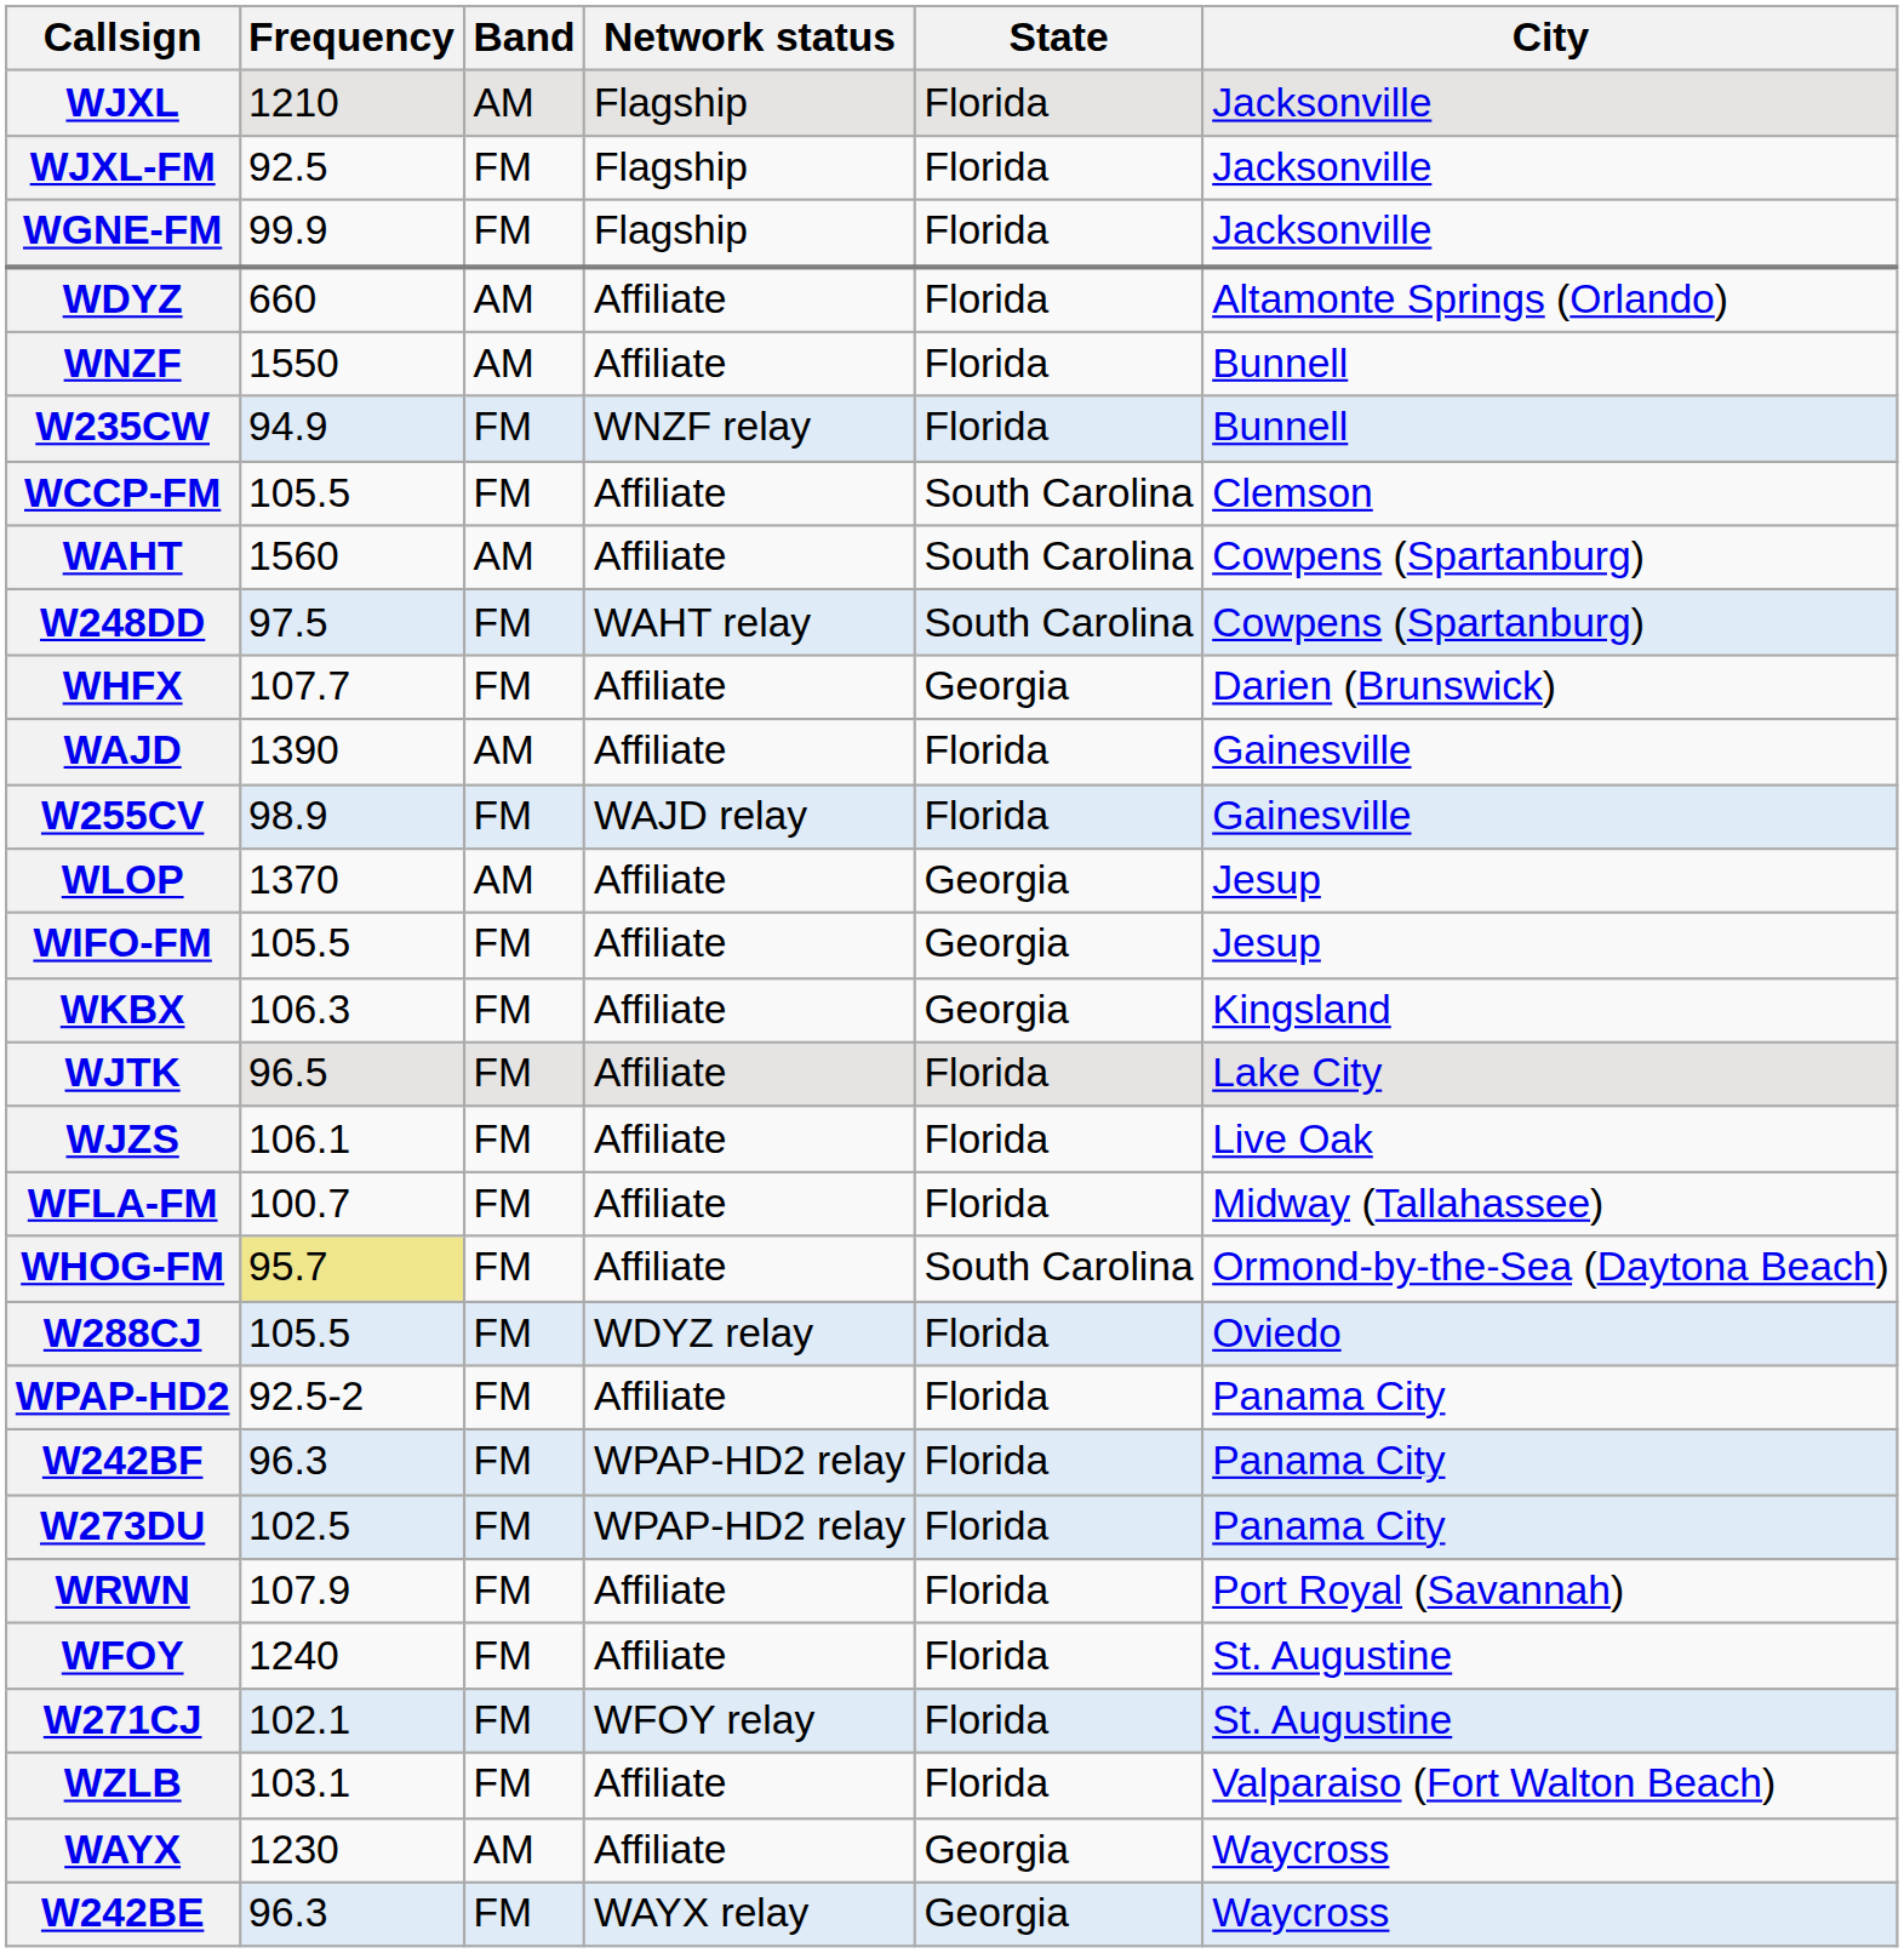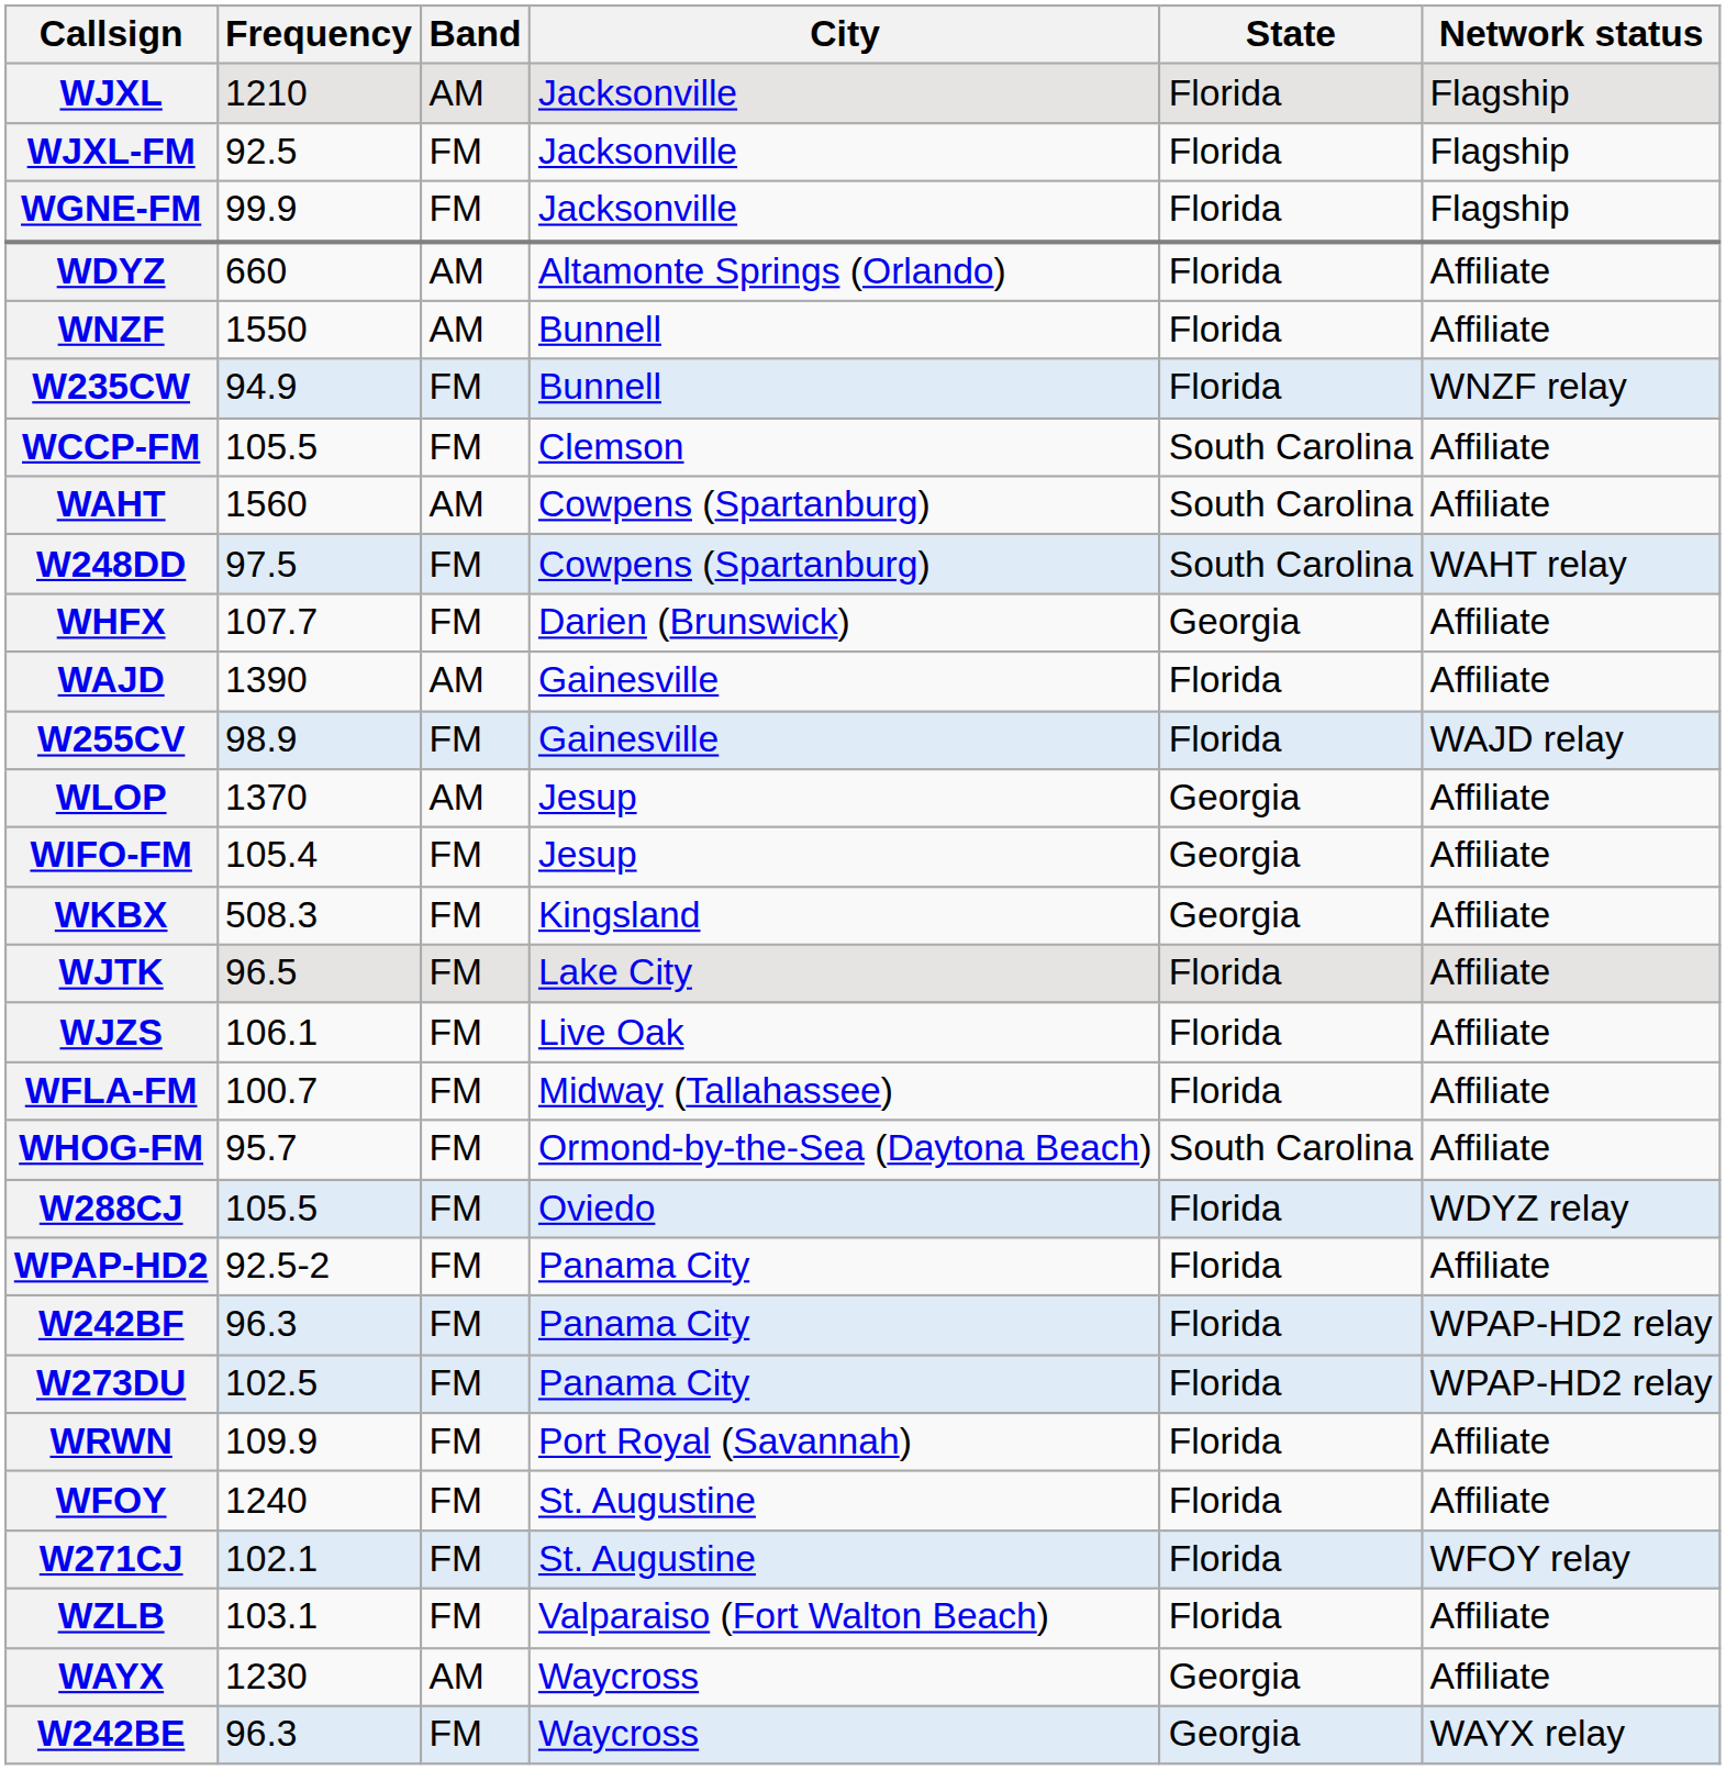 <table class="wikitable sortable">
 <tr>
 <th scope="col">Callsign</th>
 <th scope="col">Frequency</th>
 <th scope="col">Band</th>
+<th scope="col">City</th>
+<th scope="col">State</th>
 <th scope="col">Network status</th>
-<th scope="col">State</th>
-<th scope="col">City</th>
 </tr>
 <tr style="background-color:#E5E4E2;">
 <th scope = "row"><a href='#'>WJXL</a></th>
 <td data-sort-value=001010>1210</td>
 <td>AM</td>
+<td><a href='#'>Jacksonville</a></td>
+<td>Florida</td>
 <td>Flagship</td>
-<td>Florida</td>
-<td><a href='#'>Jacksonville</a></td>
 </tr>
 <tr>
 <th scope = "row"><a href='#'>WJXL-FM</a></th>
 <td data-sort-value=092500>92.5</td>
 <td>FM</td>
+<td><a href='#'>Jacksonville</a></td>
+<td>Florida</td>
 <td>Flagship</td>
-<td>Florida</td>
-<td><a href='#'>Jacksonville</a></td>
 </tr>
 <tr style="border-bottom: 2px solid grey">
 <th scope = "row"><a href='#'>WGNE-FM</a></th>
 <td data-sort-value=099900>99.9</td>
 <td>FM</td>
+<td><a href='#'>Jacksonville</a></td>
+<td>Florida</td>
 <td>Flagship</td>
-<td>Florida</td>
-<td><a href='#'>Jacksonville</a></td>
 </tr>
 <tr>
 <th scope = "row"><a href='#'>WDYZ</a></th>
 <td data-sort-value=000660>660</td>
 <td>AM</td>
+<td><a href='#'>Altamonte Springs</a> (<a href='#'>Orlando</a>)</td>
+<td>Florida</td>
 <td>Affiliate</td>
-<td>Florida</td>
-<td><a href='#'>Altamonte Springs</a> (<a href='#'>Orlando</a>)</td>
 </tr>
 <tr>
 <th scope = "row"><a href='#'>WNZF</a></th>
 <td data-sort-value=001550>1550</td>
 <td>AM</td>
+<td><a href='#'>Bunnell</a></td>
+<td>Florida</td>
 <td>Affiliate</td>
-<td>Florida</td>
-<td><a href='#'>Bunnell</a></td>
 </tr>
 <tr style="background-color:#DFEBF6;">
 <th scope = "row"><a href='#'>W235CW</a></th>
 <td data-sort-value=094990>94.9</td>
 <td>FM</td>
+<td><a href='#'>Bunnell</a></td>
+<td>Florida</td>
 <td>WNZF relay</td>
-<td>Florida</td>
-<td><a href='#'>Bunnell</a></td>
 </tr>
 <tr>
 <th scope = "row"><a href='#'>WCCP-FM</a></th>
 <td data-sort-value=105500>105.5</td>
 <td>FM</td>
+<td><a href='#'>Clemson</a></td>
+<td>South Carolina</td>
 <td>Affiliate</td>
-<td>South Carolina</td>
-<td><a href='#'>Clemson</a></td>
 </tr>
 <tr>
 <th scope = "row"><a href='#'>WAHT</a></th>
 <td data-sort-value=001560>1560</td>
 <td>AM</td>
+<td><a href='#'>Cowpens</a> (<a href='#'>Spartanburg</a>)</td>
+<td>South Carolina</td>
 <td>Affiliate</td>
-<td>South Carolina</td>
-<td><a href='#'>Cowpens</a> (<a href='#'>Spartanburg</a>)</td>
 </tr>
 <tr style="background-color:#DFEBF6;">
 <th scope = "row"><a href='#'>W248DD</a></th>
 <td data-sort-value=097590>97.5</td>
 <td>FM</td>
+<td><a href='#'>Cowpens</a> (<a href='#'>Spartanburg</a>)</td>
+<td>South Carolina</td>
 <td>WAHT relay</td>
-<td>South Carolina</td>
-<td><a href='#'>Cowpens</a> (<a href='#'>Spartanburg</a>)</td>
 </tr>
 <tr>
 <th scope = "row"><a href='#'>WHFX</a></th>
 <td data-sort-value=107700>107.7</td>
 <td>FM</td>
+<td><a href='#'>Darien</a> (<a href='#'>Brunswick</a>)</td>
+<td>Georgia</td>
 <td>Affiliate</td>
-<td>Georgia</td>
-<td><a href='#'>Darien</a> (<a href='#'>Brunswick</a>)</td>
 </tr>
 <tr>
 <th scope = "row"><a href='#'>WAJD</a></th>
 <td data-sort-value=001390>1390</td>
 <td>AM</td>
+<td><a href='#'>Gainesville</a></td>
+<td>Florida</td>
 <td>Affiliate</td>
-<td>Florida</td>
-<td><a href='#'>Gainesville</a></td>
 </tr>
 <tr style="background-color:#DFEBF6;">
 <th scope = "row"><a href='#'>W255CV</a></th>
 <td data-sort-value=098990>98.9</td>
 <td>FM</td>
+<td><a href='#'>Gainesville</a></td>
+<td>Florida</td>
 <td>WAJD relay</td>
-<td>Florida</td>
-<td><a href='#'>Gainesville</a></td>
 </tr>
 <tr>
 <th scope = "row"><a href='#'>WLOP</a></th>
 <td data-sort-value=001370>1370</td>
 <td>AM</td>
+<td><a href='#'>Jesup</a></td>
+<td>Georgia</td>
 <td>Affiliate</td>
-<td>Georgia</td>
-<td><a href='#'>Jesup</a></td>
 </tr>
 <tr>
 <th scope = "row"><a href='#'>WIFO-FM</a></th>
-<td data-sort-value=105500>105.5</td>
+<td data-sort-value=105500>105.4</td>
 <td>FM</td>
+<td><a href='#'>Jesup</a></td>
+<td>Georgia</td>
 <td>Affiliate</td>
-<td>Georgia</td>
-<td><a href='#'>Jesup</a></td>
 </tr>
 <tr>
 <th scope = "row"><a href='#'>WKBX</a></th>
-<td data-sort-value=106300>106.3</td>
+<td data-sort-value=106300>508.3</td>
 <td>FM</td>
+<td><a href='#'>Kingsland</a></td>
+<td>Georgia</td>
 <td>Affiliate</td>
-<td>Georgia</td>
-<td><a href='#'>Kingsland</a></td>
 </tr>
 <tr style="background-color:#E5E4E2;">
 <th scope = "row"><a href='#'>WJTK</a></th>
 <td data-sort-value=096500>96.5</td>
 <td>FM</td>
+<td><a href='#'>Lake City</a></td>
+<td>Florida</td>
 <td>Affiliate</td>
-<td>Florida</td>
-<td><a href='#'>Lake City</a></td>
 </tr>
 <tr>
 <th scope = "row"><a href='#'>WJZS</a></th>
 <td data-sort-value=106100>106.1</td>
 <td>FM</td>
+<td><a href='#'>Live Oak</a></td>
+<td>Florida</td>
 <td>Affiliate</td>
-<td>Florida</td>
-<td><a href='#'>Live Oak</a></td>
 </tr>
 <tr>
 <th scope = "row"><a href='#'>WFLA-FM</a></th>
 <td data-sort-value=100700>100.7</td>
 <td>FM</td>
+<td><a href='#'>Midway</a> (<a href='#'>Tallahassee</a>)</td>
+<td>Florida</td>
 <td>Affiliate</td>
-<td>Florida</td>
-<td><a href='#'>Midway</a> (<a href='#'>Tallahassee</a>)</td>
 </tr>
 <tr>
 <th scope = "row"><a href='#'>WHOG-FM</a></th>
-<td data-sort-value=095700 style="background: khaki;">95.7</td>
+<td data-sort-value=095700>95.7</td>
 <td>FM</td>
+<td><a href='#'>Ormond-by-the-Sea</a> (<a href='#'>Daytona Beach</a>)</td>
+<td>South Carolina</td>
 <td>Affiliate</td>
-<td>South Carolina</td>
-<td><a href='#'>Ormond-by-the-Sea</a> (<a href='#'>Daytona Beach</a>)</td>
 </tr>
 <tr style="background-color:#DFEBF6;">
 <th scope = "row"><a href='#'>W288CJ</a></th>
 <td data-sort-value=105590>105.5</td>
 <td>FM</td>
+<td><a href='#'>Oviedo</a></td>
+<td>Florida</td>
 <td>WDYZ relay</td>
-<td>Florida</td>
-<td><a href='#'>Oviedo</a></td>
 </tr>
 <tr>
 <th scope = "row"><a href='#'>WPAP-HD2</a></th>
 <td data-sort-value=092520>92.5-2</td>
 <td>FM</td>
+<td><a href='#'>Panama City</a></td>
+<td>Florida</td>
 <td>Affiliate</td>
-<td>Florida</td>
-<td><a href='#'>Panama City</a></td>
 </tr>
 <tr style="background-color:#DFEBF6;">
 <th scope = "row"><a href='#'>W242BF</a></th>
 <td data-sort-value=096391>96.3</td>
 <td>FM</td>
+<td><a href='#'>Panama City</a></td>
+<td>Florida</td>
 <td>WPAP-HD2 relay</td>
-<td>Florida</td>
-<td><a href='#'>Panama City</a></td>
 </tr>
 <tr style="background-color:#DFEBF6;">
 <th scope = "row"><a href='#'>W273DU</a></th>
 <td data-sort-value=102590>102.5</td>
 <td>FM</td>
+<td><a href='#'>Panama City</a></td>
+<td>Florida</td>
 <td>WPAP-HD2 relay</td>
-<td>Florida</td>
-<td><a href='#'>Panama City</a></td>
 </tr>
 <tr>
 <th scope = "row"><a href='#'>WRWN</a></th>
-<td data-sort-value=107900>107.9</td>
+<td data-sort-value=107900>109.9</td>
 <td>FM</td>
+<td><a href='#'>Port Royal</a> (<a href='#'>Savannah</a>)</td>
+<td>Florida</td>
 <td>Affiliate</td>
-<td>Florida</td>
-<td><a href='#'>Port Royal</a> (<a href='#'>Savannah</a>)</td>
 </tr>
 <tr>
 <th scope = "row"><a href='#'>WFOY</a></th>
 <td data-sort-value=001240>1240</td>
 <td>FM</td>
+<td><a href='#'>St. Augustine</a></td>
+<td>Florida</td>
 <td>Affiliate</td>
-<td>Florida</td>
-<td><a href='#'>St. Augustine</a></td>
 </tr>
 <tr style="background-color:#DFEBF6;">
 <th scope = "row"><a href='#'>W271CJ</a></th>
 <td data-sort-value=102190>102.1</td>
 <td>FM</td>
+<td><a href='#'>St. Augustine</a></td>
+<td>Florida</td>
 <td>WFOY relay</td>
-<td>Florida</td>
-<td><a href='#'>St. Augustine</a></td>
 </tr>
 <tr>
 <th scope = "row"><a href='#'>WZLB</a></th>
 <td data-sort-value=103100>103.1</td>
 <td>FM</td>
+<td><a href='#'>Valparaiso</a> (<a href='#'>Fort Walton Beach</a>)</td>
+<td>Florida</td>
 <td>Affiliate</td>
-<td>Florida</td>
-<td><a href='#'>Valparaiso</a> (<a href='#'>Fort Walton Beach</a>)</td>
 </tr>
 <tr>
 <th scope = "row"><a href='#'>WAYX</a></th>
 <td data-sort-value=001230>1230</td>
 <td>AM</td>
+<td><a href='#'>Waycross</a></td>
+<td>Georgia</td>
 <td>Affiliate</td>
-<td>Georgia</td>
-<td><a href='#'>Waycross</a></td>
 </tr>
 <tr style="background-color:#DFEBF6;">
 <th scope = "row"><a href='#'>W242BE</a></th>
 <td data-sort-value=096390>96.3</td>
 <td>FM</td>
+<td><a href='#'>Waycross</a></td>
+<td>Georgia</td>
 <td>WAYX relay</td>
-<td>Georgia</td>
-<td><a href='#'>Waycross</a></td>
 </tr>
 </table>
